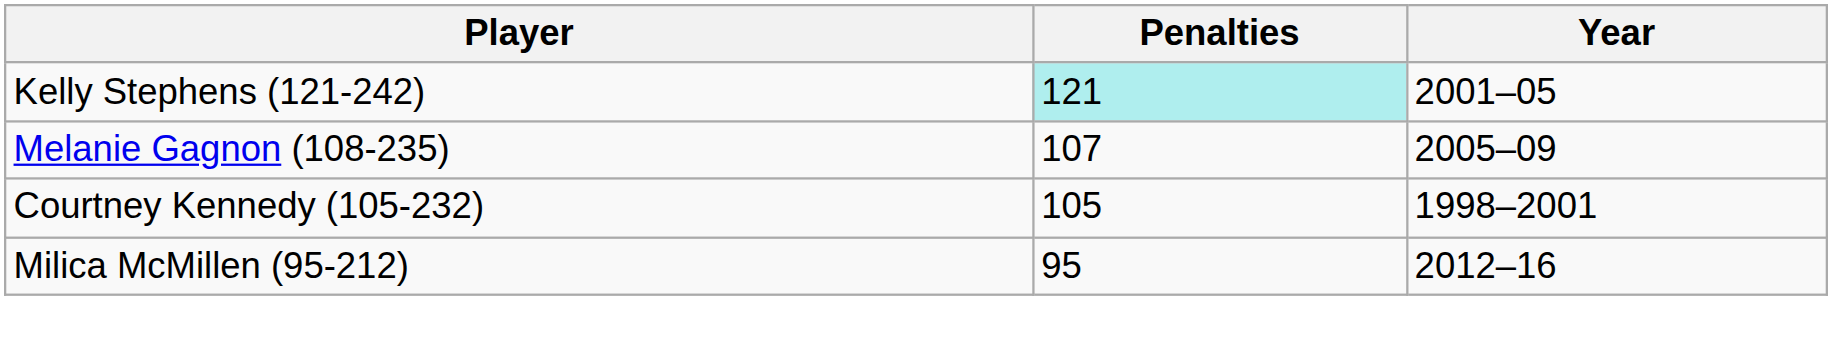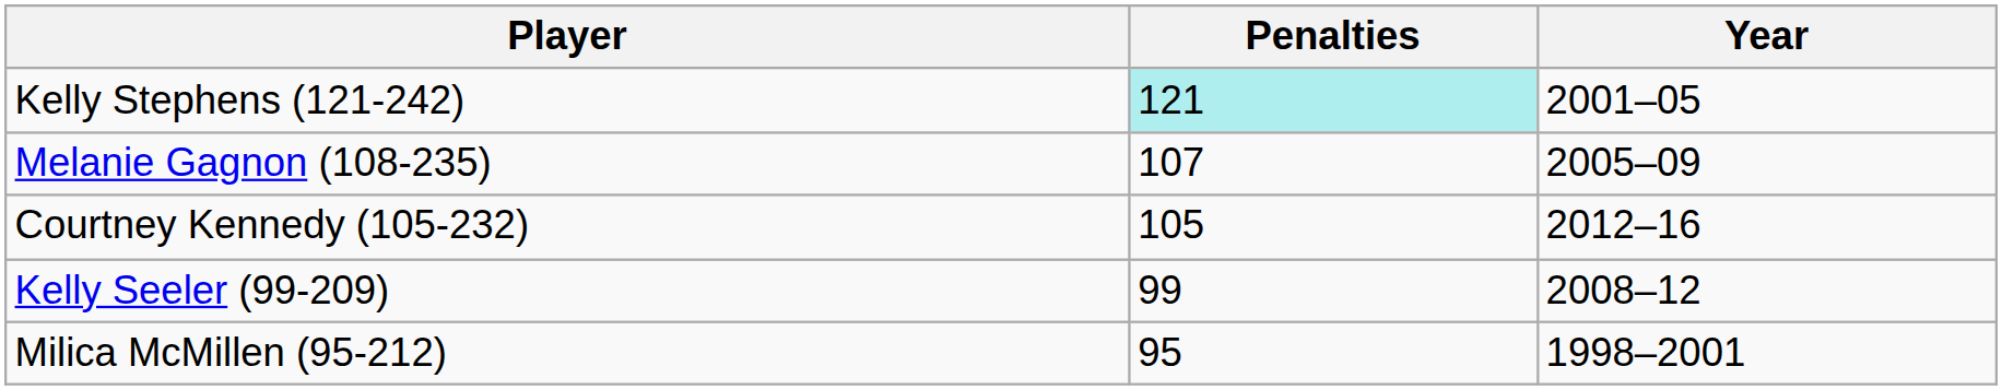 <table class="wikitable" style="width: 50em">
 <tr>
 <th>Player</th>
 <th>Penalties</th>
 <th>Year</th>
 </tr>
 <tr>
 <td>Kelly Stephens (121-242)</td>
 <td style="background: paleturquoise;">121</td>
 <td>2001–05</td>
 </tr>
 <tr>
 <td><a href='#'>Melanie Gagnon</a> (108-235)</td>
 <td>107</td>
 <td>2005–09</td>
 </tr>
 <tr>
 <td>Courtney Kennedy (105-232)</td>
 <td>105</td>
-<td>1998–2001</td>
+<td>2012–16</td>
+</tr>
+<tr>
+<td><a href='#'>Kelly Seeler</a> (99-209)</td>
+<td>99</td>
+<td>2008–12</td>
 </tr>
 <tr>
 <td>Milica McMillen (95-212)</td>
 <td>95</td>
-<td>2012–16</td>
+<td>1998–2001</td>
 </tr>
 </table>
